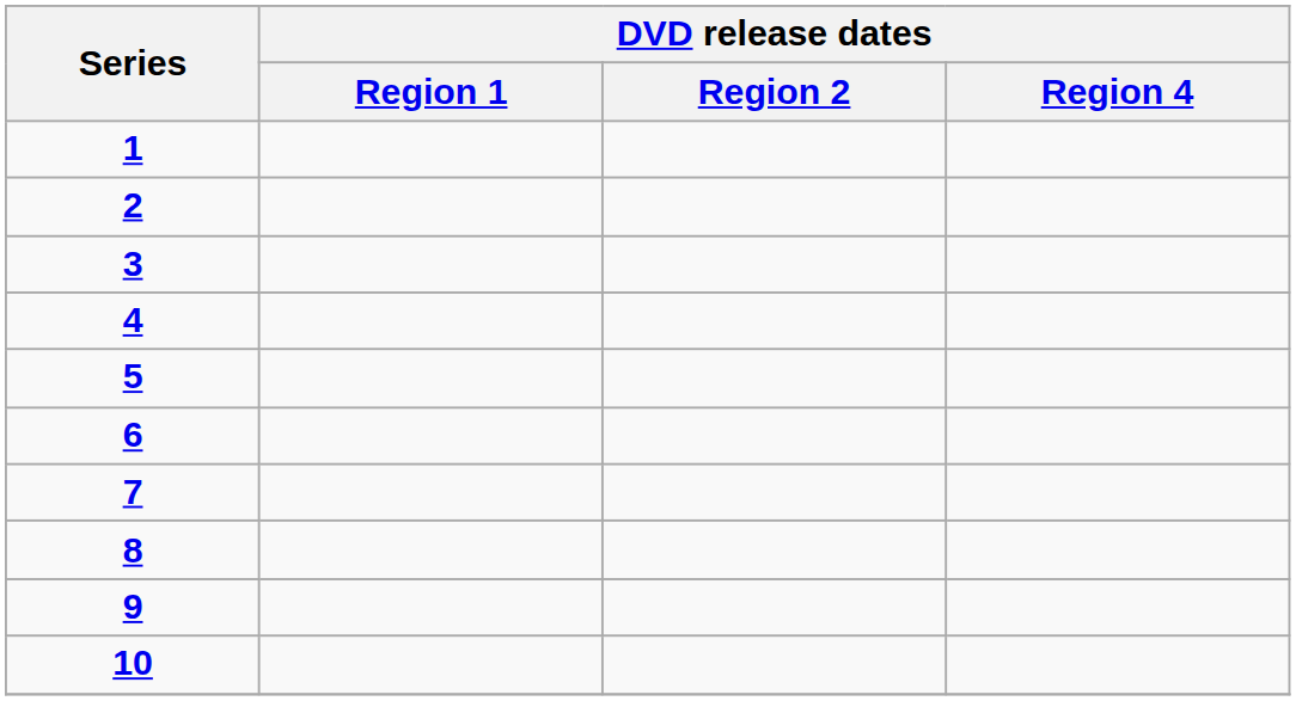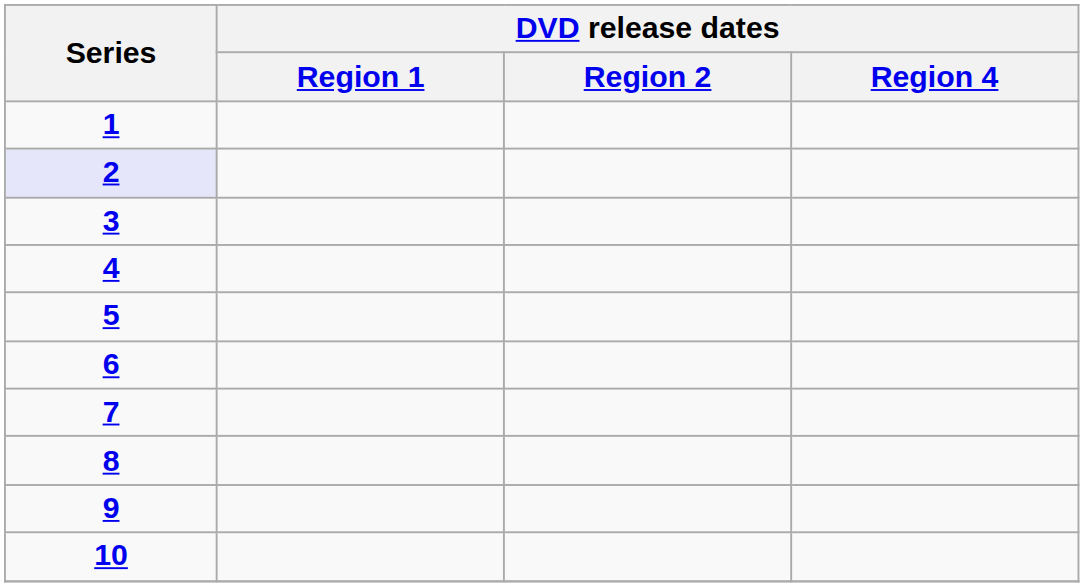 <table class="wikitable" style="text-align:center" width="45%">
 <tr>
 <th scope="col" rowspan="2">Series</th>
 <th scope="col" colspan="3"><a href='#'>DVD</a> release dates</th>
 </tr>
 <tr>
 <th><a href='#'>Region 1</a></th>
 <th><a href='#'>Region 2</a></th>
 <th><a href='#'>Region 4</a></th>
 </tr>
 <tr>
 <td><strong><a href='#'>1</a></strong></td>
 <td></td>
 <td></td>
 <td></td>
 </tr>
 <tr>
-<td><strong><a href='#'>2</a></strong></td>
+<td style="background: lavender;"><strong><a href='#'>2</a></strong></td>
 <td></td>
 <td></td>
 <td></td>
 </tr>
 <tr>
 <td><strong><a href='#'>3</a></strong></td>
 <td></td>
 <td></td>
 <td></td>
 </tr>
 <tr>
 <td><strong><a href='#'>4</a></strong></td>
 <td></td>
 <td></td>
 <td></td>
 </tr>
 <tr>
 <td><strong><a href='#'>5</a></strong></td>
 <td></td>
 <td></td>
 <td></td>
 </tr>
 <tr>
 <td><strong><a href='#'>6</a></strong></td>
 <td></td>
 <td></td>
 <td></td>
 </tr>
 <tr>
 <td><strong><a href='#'>7</a></strong></td>
 <td></td>
 <td></td>
 <td></td>
 </tr>
 <tr>
 <td><strong><a href='#'>8</a></strong></td>
 <td></td>
 <td></td>
 <td></td>
 </tr>
 <tr>
 <td><strong><a href='#'>9</a></strong></td>
 <td></td>
 <td></td>
 <td></td>
 </tr>
 <tr>
 <td><strong><a href='#'>10</a></strong></td>
 <td></td>
 <td></td>
 <td></td>
 </tr>
 <tr>
 </tr>
 </table>
